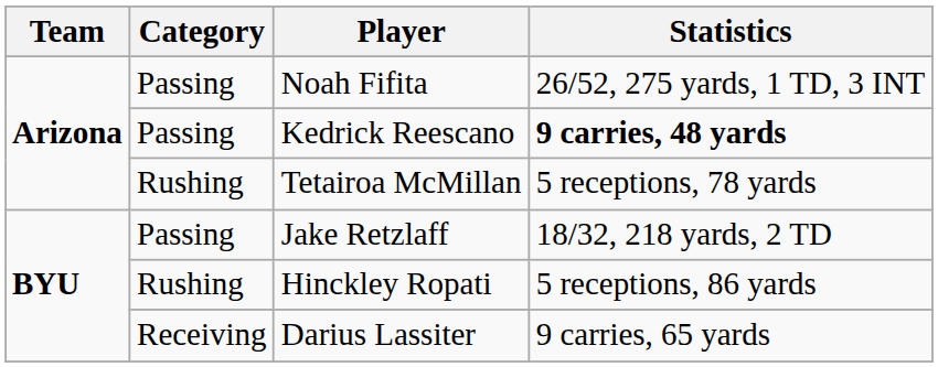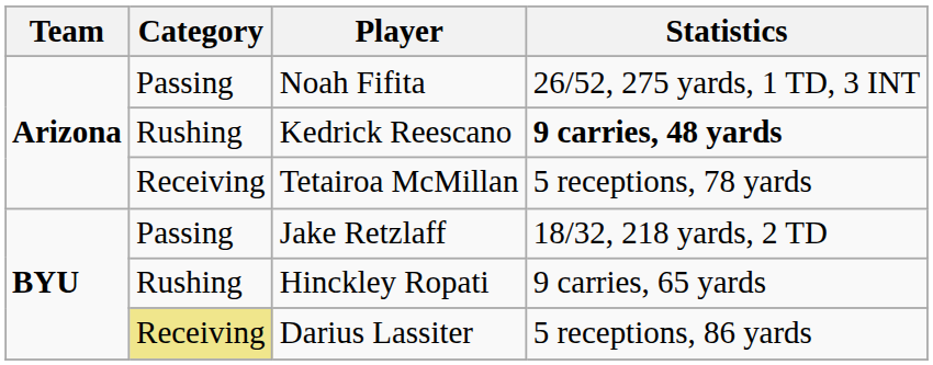 <table class="wikitable" style="float: right;">
 <tr>
 <th>Team</th>
 <th>Category</th>
 <th>Player</th>
 <th>Statistics</th>
 </tr>
 <tr>
 <td rowspan=3><strong>Arizona</strong></td>
 <td>Passing</td>
 <td>Noah Fifita</td>
 <td>26/52, 275 yards, 1 TD, 3 INT</td>
 </tr>
 <tr>
-<td>Passing</td>
+<td>Rushing</td>
 <td>Kedrick Reescano</td>
 <td><strong>9 carries, 48 yards</strong></td>
 </tr>
 <tr>
-<td>Rushing</td>
+<td>Receiving</td>
 <td>Tetairoa McMillan</td>
 <td>5 receptions, 78 yards</td>
 </tr>
 <tr>
 <td rowspan=3><strong>BYU</strong></td>
 <td>Passing</td>
 <td>Jake Retzlaff</td>
 <td>18/32, 218 yards, 2 TD</td>
 </tr>
 <tr>
 <td>Rushing</td>
 <td>Hinckley Ropati</td>
+<td>9 carries, 65 yards</td>
+</tr>
+<tr>
+<td style="background: khaki;">Receiving</td>
+<td>Darius Lassiter</td>
 <td>5 receptions, 86 yards</td>
 </tr>
-<tr>
-<td>Receiving</td>
-<td>Darius Lassiter</td>
-<td>9 carries, 65 yards</td>
-</tr>
 </table>
